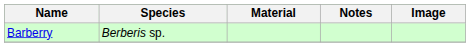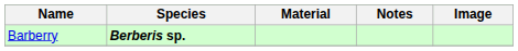 <table class="wikitable" align="center" width="100%" style="background:#D1FFCF;">
 <tr>
 <th>Name</th>
 <th>Species</th>
 <th>Material</th>
 <th>Notes</th>
 <th>Image</th>
 </tr>
 <tr>
 <td><a href='#'>Barberry</a></td>
-<td><em>Berberis</em> sp.</td>
+<td><strong><em>Berberis</em> sp.</strong></td>
 <td></td>
 <td></td>
 <td></td>
 </tr>
 <tr>
 </tr>
 </table>
